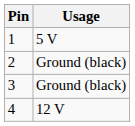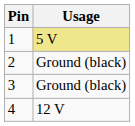 <table class="wikitable">
 <tr>
 <th>Pin</th>
 <th>Usage</th>
 </tr>
 <tr>
 <td>1</td>
-<td>5 V</td>
+<td style="background: khaki;">5 V</td>
 </tr>
 <tr>
 <td>2</td>
 <td>Ground (black)</td>
 </tr>
 <tr>
 <td>3</td>
 <td>Ground (black)</td>
 </tr>
 <tr>
 <td>4</td>
 <td>12 V</td>
 </tr>
 </table>
